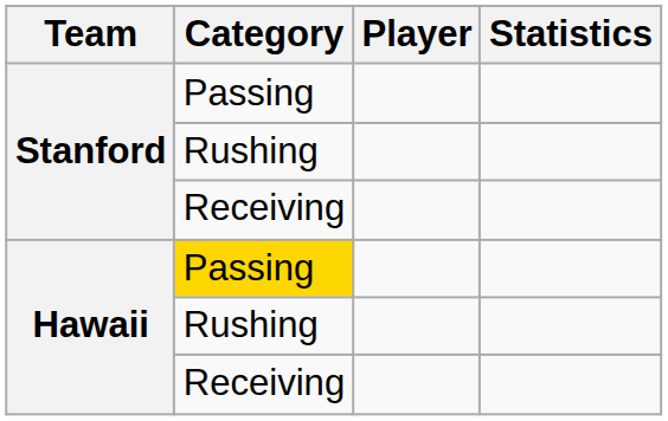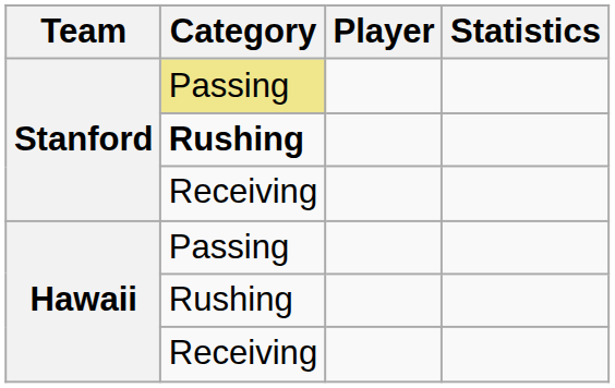 <table class="wikitable" style="float:right">
 <tr>
 <th>Team</th>
 <th>Category</th>
 <th>Player</th>
 <th>Statistics</th>
 </tr>
 <tr>
 <th rowspan=3>Stanford</th>
+<td style="background: khaki;">Passing</td>
+<td></td>
+<td></td>
+</tr>
+<tr>
+<td><strong>Rushing</strong></td>
+<td></td>
+<td></td>
+</tr>
+<tr>
+<td>Receiving</td>
+<td></td>
+<td></td>
+</tr>
+<tr>
+<th rowspan=3>Hawaii</th>
 <td>Passing</td>
 <td></td>
 <td></td>
 </tr>
 <tr>
 <td>Rushing</td>
 <td></td>
 <td></td>
 </tr>
 <tr>
 <td>Receiving</td>
 <td></td>
 <td></td>
 </tr>
-<tr>
-<th rowspan=3>Hawaii</th>
-<td style="background: gold;">Passing</td>
-<td></td>
-<td></td>
-</tr>
-<tr>
-<td>Rushing</td>
-<td></td>
-<td></td>
-</tr>
-<tr>
-<td>Receiving</td>
-<td></td>
-<td></td>
-</tr>
 </table>
